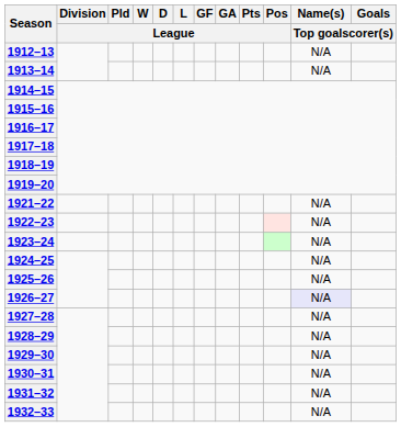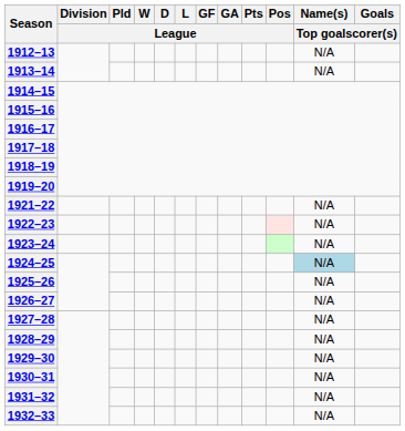 <table class="wikitable sortable" style="text-align: center">
 <tr>
 <th rowspan="2" scope="col">Season</th>
 <th scope="col">Division</th>
 <th style="width:20px;" scope="col">Pld</th>
 <th style="width:20px;" scope="col">W</th>
 <th style="width:20px;" scope="col">D</th>
 <th style="width:20px;" scope="col">L</th>
 <th style="width:20px;" scope="col">GF</th>
 <th style="width:20px;" scope="col">GA</th>
 <th style="width:20px;" scope="col">Pts</th>
 <th style="width:20px;" scope="col">Pos</th>
 <th scope="col">Name(s)</th>
 <th scope="col">Goals</th>
 </tr>
 <tr class="unsortable">
 <th colspan="9" scope="col">League</th>
 <th colspan="2" scope="col">Top goalscorer(s)</th>
 </tr>
 <tr>
 <th scope="row"><a href='#'>1912–13</a></th>
 <td style="text-align:left; " rowspan="2"></td>
 <td></td>
 <td></td>
 <td></td>
 <td></td>
 <td></td>
 <td></td>
 <td></td>
 <td></td>
 <td style="text-align:centre">N/A</td>
 <td></td>
 </tr>
 <tr>
 <th scope="row"><a href='#'>1913–14</a></th>
 <td></td>
 <td></td>
 <td></td>
 <td></td>
 <td></td>
 <td></td>
 <td></td>
 <td></td>
 <td style="text-align:centre">N/A</td>
 <td></td>
 </tr>
 <tr>
 <th scope="row"><a href='#'>1914–15</a></th>
 <td style="text-align:centre; " rowspan="6" colspan="11"></td>
 </tr>
 <tr>
 <th scope="row"><a href='#'>1915–16</a></th>
 </tr>
 <tr>
 <th scope="row"><a href='#'>1916–17</a></th>
 </tr>
 <tr>
 <th scope="row"><a href='#'>1917–18</a></th>
 </tr>
 <tr>
 <th scope="row"><a href='#'>1918–19</a></th>
 </tr>
 <tr>
 <th scope="row"><a href='#'>1919–20</a></th>
 </tr>
 <tr>
 <th scope="row"><a href='#'>1921–22</a></th>
 <td style="text-align:left; " rowspan="1"></td>
 <td></td>
 <td></td>
 <td></td>
 <td></td>
 <td></td>
 <td></td>
 <td></td>
 <td></td>
 <td style="text-align:centre">N/A</td>
 <td></td>
 </tr>
 <tr>
 <th scope="row"><a href='#'>1922–23</a></th>
 <td style="text-align:left; " rowspan="1"></td>
 <td></td>
 <td></td>
 <td></td>
 <td></td>
 <td></td>
 <td></td>
 <td></td>
 <td style=background:MistyRose> </td>
 <td style="text-align:centre">N/A</td>
 <td></td>
 </tr>
 <tr>
 <th scope="row"><a href='#'>1923–24</a></th>
 <td style="text-align:left; " rowspan="1"></td>
 <td></td>
 <td></td>
 <td></td>
 <td></td>
 <td></td>
 <td></td>
 <td></td>
 <td style=background:#cfc> </td>
 <td style="text-align:centre">N/A</td>
 <td></td>
 </tr>
 <tr>
 <th scope="row"><a href='#'>1924–25</a></th>
 <td style="text-align:left; " rowspan="3"></td>
 <td></td>
 <td></td>
 <td></td>
 <td></td>
 <td></td>
 <td></td>
 <td></td>
 <td></td>
-<td style="text-align:centre">N/A</td>
+<td style="background: lightblue; text-align:centre">N/A</td>
 <td></td>
 </tr>
 <tr>
 <th scope="row"><a href='#'>1925–26</a></th>
 <td></td>
 <td></td>
 <td></td>
 <td></td>
 <td></td>
 <td></td>
 <td></td>
 <td></td>
 <td style="text-align:centre">N/A</td>
 <td></td>
 </tr>
 <tr>
 <th scope="row"><a href='#'>1926–27</a></th>
 <td></td>
 <td></td>
 <td></td>
 <td></td>
 <td></td>
 <td></td>
 <td></td>
 <td> </td>
-<td style="background: lavender; text-align:centre">N/A</td>
+<td style="text-align:centre">N/A</td>
 <td></td>
 </tr>
 <tr>
 <th scope="row"><a href='#'>1927–28</a></th>
 <td style="text-align:left; " rowspan="6"></td>
 <td></td>
 <td></td>
 <td></td>
 <td></td>
 <td></td>
 <td></td>
 <td></td>
 <td> </td>
 <td style="text-align:centre">N/A</td>
 <td></td>
 </tr>
 <tr>
 <th scope="row"><a href='#'>1928–29</a></th>
 <td></td>
 <td></td>
 <td></td>
 <td></td>
 <td></td>
 <td></td>
 <td></td>
 <td> </td>
 <td style="text-align:centre">N/A</td>
 <td></td>
 </tr>
 <tr>
 <th scope="row"><a href='#'>1929–30</a></th>
 <td></td>
 <td></td>
 <td></td>
 <td></td>
 <td></td>
 <td></td>
 <td></td>
 <td> </td>
 <td style="text-align:centre">N/A</td>
 <td></td>
 </tr>
 <tr>
 <th scope="row"><a href='#'>1930–31</a></th>
 <td></td>
 <td></td>
 <td></td>
 <td></td>
 <td></td>
 <td></td>
 <td></td>
 <td></td>
 <td style="text-align:centre">N/A</td>
 <td></td>
 </tr>
 <tr>
 <th scope="row"><a href='#'>1931–32</a></th>
 <td></td>
 <td></td>
 <td></td>
 <td></td>
 <td></td>
 <td></td>
 <td></td>
 <td> </td>
 <td style="text-align:centre">N/A</td>
 <td></td>
 </tr>
 <tr>
 <th scope="row"><a href='#'>1932–33</a></th>
 <td></td>
 <td></td>
 <td></td>
 <td></td>
 <td></td>
 <td></td>
 <td></td>
 <td></td>
 <td style="text-align:centre">N/A</td>
 <td></td>
 </tr>
 </table>
